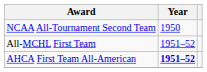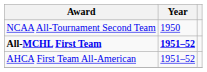 <table class="wikitable">
 <tr>
 <th>Award</th>
 <th>Year</th>
 <th></th>
 </tr>
 <tr>
 <td><a href='#'>NCAA</a> <a href='#'>All-Tournament Second Team</a></td>
 <td><a href='#'>1950</a></td>
 <td></td>
 </tr>
 <tr>
-<td>All-<a href='#'>MCHL</a> <a href='#'>First Team</a></td>
-<td><a href='#'>1951–52</a></td>
+<td><strong>All-<a href='#'>MCHL</a> <a href='#'>First Team</a></strong></td>
+<td><strong><a href='#'>1951–52</a></strong></td>
 <td></td>
 </tr>
 <tr>
 <td><a href='#'>AHCA</a> <a href='#'>First Team All-American</a></td>
-<td><strong><a href='#'>1951–52</a></strong></td>
+<td><a href='#'>1951–52</a></td>
 <td></td>
 </tr>
 <tr>
 </tr>
 </table>
